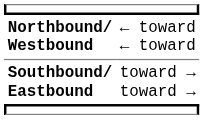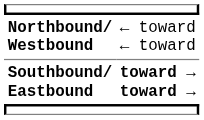 <table border="0" cellspacing="0" cellpadding="3">
 <tr>
 <td colspan="2" style="border-top:solid 1px gray;border-right:solid 2px black;border-left:solid 2px black;border-bottom:solid 2px black;text-align:center"></td>
 </tr>
 <tr>
 <td><strong>Northbound/<br>Westbound</strong></td>
 <td>←  toward  <br>←  toward  </td>
 </tr>
 <tr>
 <td style="border-top:solid 1px gray"><strong>Southbound/<br>Eastbound</strong></td>
-<td style="border-top:solid 1px gray">  toward   →<br>  toward   →</td>
+<td style="border-top:solid 1px gray"><strong>  toward   →<br>  toward   →</strong></td>
 </tr>
 <tr>
 <td colspan="2" style="border-top:solid 2px black;border-right:solid 2px black;border-left:solid 2px black;border-bottom:solid 1px gray;text-align:center"></td>
 </tr>
 </table>
